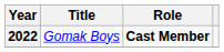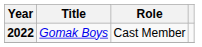 <table class="wikitable plainrowheaders">
 <tr>
 <th scope="col">Year</th>
 <th scope="col">Title</th>
 <th scope="col">Role</th>
 <th scope="col" class="unsortable"></th>
 </tr>
 <tr>
 <th scope="row">2022</th>
 <td><em><a href='#'>Gomak Boys</a></em></td>
-<td><strong>Cast Member</strong></td>
+<td>Cast Member</td>
 <td style="text-align:center"></td>
 </tr>
 <tr>
 </tr>
 </table>
